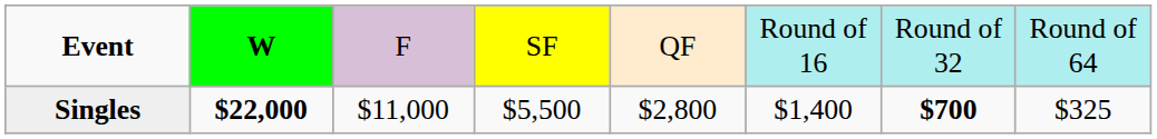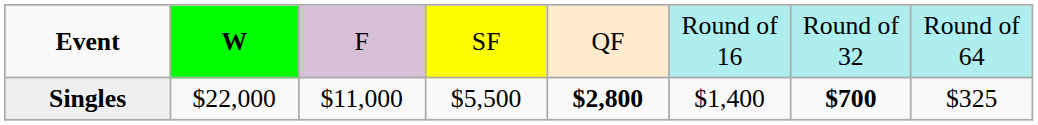 <table class=wikitable style=font-size:95%;text-align:center>
 <tr>
 <td style="width:130px"><strong>Event</strong></td>
 <td style="width:85px; background:lime"><strong>W</strong></td>
 <td style="width:85px; background:thistle">F</td>
 <td style="width:85px; background:#ffff00">SF</td>
 <td style="width:85px; background:#ffebcd">QF</td>
 <td style="width:85px; background:#afeeee">Round of 16</td>
 <td style="width:85px; background:#afeeee">Round of 32</td>
 <td style="width:85px; background:#afeeee">Round of 64</td>
 </tr>
 <tr>
 <th style=background:#efefef>Singles</th>
-<td><strong>$22,000</strong></td>
+<td>$22,000</td>
 <td>$11,000</td>
 <td>$5,500</td>
-<td>$2,800</td>
+<td><strong>$2,800</strong></td>
 <td>$1,400</td>
 <td><strong>$700</strong></td>
 <td>$325</td>
 </tr>
 </table>
